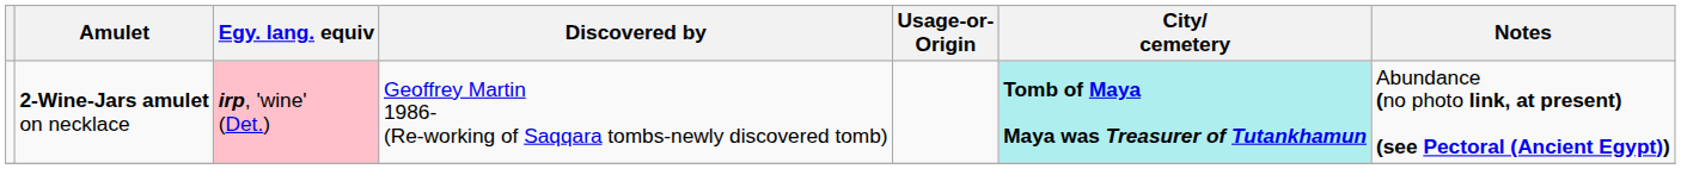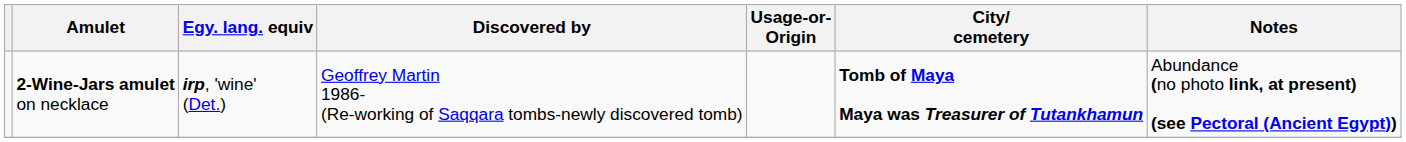 <table class="wikitable sortable">
 <tr style="background:#efefef;">
 <th></th>
 <th><strong>Amulet</strong></th>
 <th><a href='#'>Egy. lang.</a> equiv</th>
 <th>Discovered by</th>
 <th>Usage-or-<br>Origin</th>
 <th>City/<br>cemetery</th>
 <th>Notes</th>
 </tr>
 <tr>
 <td></td>
 <td><strong>2-Wine-Jars amulet</strong><br>on necklace</td>
-<td style="background: pink;"><strong><em>irp</em></strong>, 'wine'<br>(<a href='#'>Det.</a>)</td>
+<td><strong><em>irp</em></strong>, 'wine'<br>(<a href='#'>Det.</a>)</td>
 <td><a href='#'>Geoffrey Martin</a><br>1986-<br>(Re-working of <a href='#'>Saqqara</a> tombs-newly discovered tomb)</td>
 <td></td>
-<td style="background: paleturquoise;"><strong>Tomb of <a href='#'>Maya</a><br><br>Maya was <em>Treasurer of <a href='#'>Tutankhamun</a><strong><em></td>
+<td><strong>Tomb of <a href='#'>Maya</a><br><br>Maya was <em>Treasurer of <a href='#'>Tutankhamun</a><strong><em></td>
 <td></strong>Abundance<strong><br>(</strong>no photo<strong> link, at present)<br><br>(see <a href='#'>Pectoral (Ancient Egypt)</a>)</td>
 </tr>
 <tr>
 </tr>
 </table>
